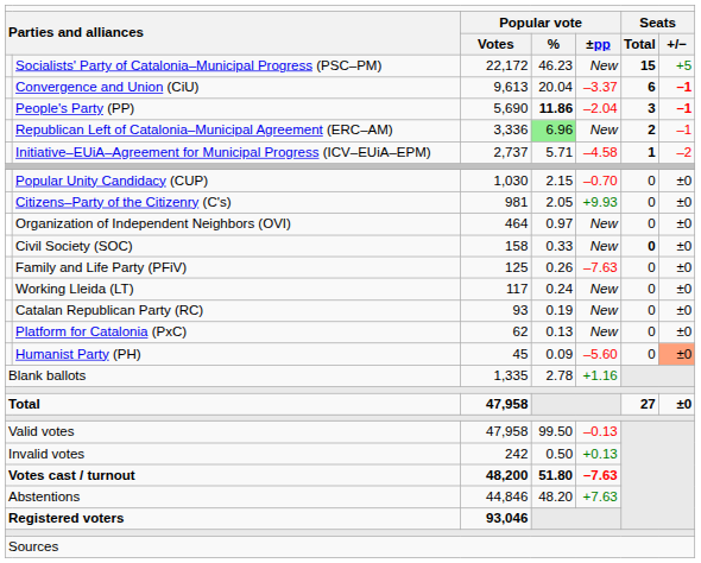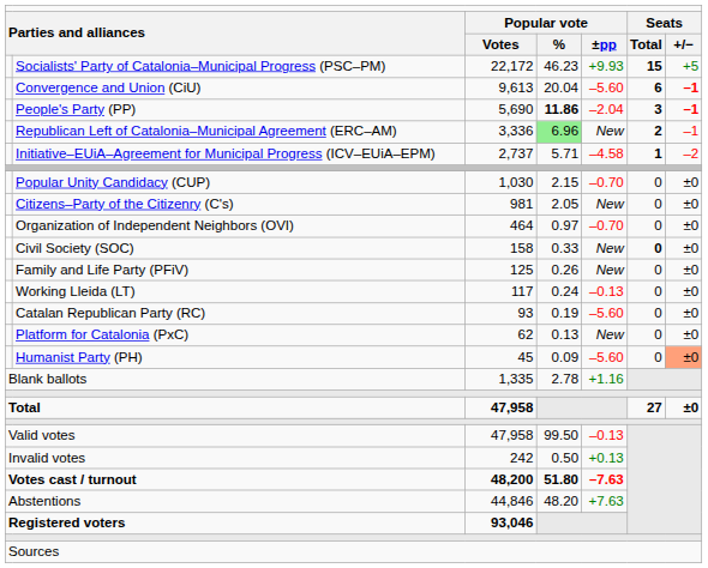 <table class="wikitable" style="text-align:right;">
 <tr>
 <td colspan="7"></td>
 </tr>
 <tr>
 <th style="text-align:left;" rowspan="2" colspan="2" width="525">Parties and alliances</th>
 <th colspan="3">Popular vote</th>
 <th colspan="2">Seats</th>
 </tr>
 <tr>
 <th width="75">Votes</th>
 <th width="45">%</th>
 <th width="45">±<a href='#'>pp</a></th>
 <th width="35">Total</th>
 <th width="35">+/−</th>
 </tr>
 <tr>
 <td width="1" style="color:inherit;background:"></td>
 <td align="left"><a href='#'>Socialists' Party of Catalonia–Municipal Progress</a> (PSC–PM)</td>
 <td>22,172</td>
 <td>46.23</td>
-<td><em>New</em></td>
+<td style="color:green;">+9.93</td>
 <td><strong>15</strong></td>
 <td style="color:green;">+5</td>
 </tr>
 <tr>
 <td style="color:inherit;background:"></td>
 <td align="left"><a href='#'>Convergence and Union</a> (CiU)</td>
 <td>9,613</td>
 <td>20.04</td>
-<td style="color:red;">–3.37</td>
+<td style="color:red;">–5.60</td>
 <td><strong>6</strong></td>
 <td style="color:red;"><strong>–1</strong></td>
 </tr>
 <tr>
 <td style="color:inherit;background:"></td>
 <td align="left"><a href='#'>People's Party</a> (PP)</td>
 <td>5,690</td>
 <td><strong>11.86</strong></td>
 <td style="color:red;">–2.04</td>
 <td><strong>3</strong></td>
 <td style="color:red;"><strong>–1</strong></td>
 </tr>
 <tr>
 <td style="color:inherit;background:"></td>
 <td align="left"><a href='#'>Republican Left of Catalonia–Municipal Agreement</a> (ERC–AM)</td>
 <td>3,336</td>
 <td style="background: lightgreen;">6.96</td>
 <td><em>New</em></td>
 <td><strong>2</strong></td>
 <td style="color:red;">–1</td>
 </tr>
 <tr>
 <td style="color:inherit;background:"></td>
 <td align="left"><a href='#'>Initiative–EUiA–Agreement for Municipal Progress</a> (ICV–EUiA–EPM)</td>
 <td>2,737</td>
 <td>5.71</td>
 <td style="color:red;">–4.58</td>
 <td><strong>1</strong></td>
 <td style="color:red;">–2</td>
 </tr>
 <tr>
 <td colspan="7" style="color:inherit;background:#C0C0C0"></td>
 </tr>
 <tr>
 <td style="color:inherit;background:"></td>
 <td align="left"><a href='#'>Popular Unity Candidacy</a> (CUP)</td>
 <td>1,030</td>
 <td>2.15</td>
 <td style="color:red;">–0.70</td>
 <td>0</td>
 <td>±0</td>
 </tr>
 <tr>
 <td style="color:inherit;background:"></td>
 <td align="left"><a href='#'>Citizens–Party of the Citizenry</a> (C's)</td>
 <td>981</td>
 <td>2.05</td>
-<td style="color:green;">+9.93</td>
+<td><em>New</em></td>
 <td>0</td>
 <td>±0</td>
 </tr>
 <tr>
 <td bgcolor="white"></td>
 <td align="left">Organization of Independent Neighbors (OVI)</td>
 <td>464</td>
 <td>0.97</td>
-<td><em>New</em></td>
+<td style="color:red;">–0.70</td>
 <td>0</td>
 <td>±0</td>
 </tr>
 <tr>
 <td bgcolor="white"></td>
 <td align="left">Civil Society (SOC)</td>
 <td>158</td>
 <td>0.33</td>
 <td><em>New</em></td>
 <td><strong>0</strong></td>
 <td>±0</td>
 </tr>
 <tr>
 <td style="color:inherit;background:"></td>
 <td align="left">Family and Life Party (PFiV)</td>
 <td>125</td>
 <td>0.26</td>
-<td style="color:red;">–7.63</td>
+<td><em>New</em></td>
 <td>0</td>
 <td>±0</td>
 </tr>
 <tr>
 <td bgcolor="white"></td>
 <td align="left">Working Lleida (LT)</td>
 <td>117</td>
 <td>0.24</td>
-<td><em>New</em></td>
+<td style="color:red;">–0.13</td>
 <td>0</td>
 <td>±0</td>
 </tr>
 <tr>
 <td style="color:inherit;background:"></td>
 <td align="left">Catalan Republican Party (RC)</td>
 <td>93</td>
 <td>0.19</td>
-<td><em>New</em></td>
+<td style="color:red;">–5.60</td>
 <td>0</td>
 <td>±0</td>
 </tr>
 <tr>
 <td style="color:inherit;background:"></td>
 <td align="left"><a href='#'>Platform for Catalonia</a> (PxC)</td>
 <td>62</td>
 <td>0.13</td>
 <td><em>New</em></td>
 <td>0</td>
 <td>±0</td>
 </tr>
 <tr>
 <td style="color:inherit;background:"></td>
 <td align="left"><a href='#'>Humanist Party</a> (PH)</td>
 <td>45</td>
 <td>0.09</td>
 <td style="color:red;">–5.60</td>
 <td>0</td>
 <td style="background: lightsalmon;">±0</td>
 </tr>
 <tr>
 <td align="left" colspan="2">Blank ballots</td>
 <td>1,335</td>
 <td>2.78</td>
 <td style="color:green;">+1.16</td>
 <td style="color:inherit;background:#E9E9E9" colspan="2"></td>
 </tr>
 <tr>
 <td colspan="7" style="color:inherit;background:#E9E9E9"></td>
 </tr>
 <tr style="font-weight:bold;">
 <td align="left" colspan="2">Total</td>
 <td>47,958</td>
 <td bgcolor="#E9E9E9" colspan="2"></td>
 <td>27</td>
 <td>±0</td>
 </tr>
 <tr>
 <td colspan="7" style="color:inherit;background:#E9E9E9"></td>
 </tr>
 <tr>
 <td align="left" colspan="2">Valid votes</td>
 <td>47,958</td>
 <td>99.50</td>
 <td style="color:red;">–0.13</td>
 <td bgcolor="#E9E9E9" colspan="2" rowspan="5"></td>
 </tr>
 <tr>
 <td align="left" colspan="2">Invalid votes</td>
 <td>242</td>
 <td>0.50</td>
 <td style="color:green;">+0.13</td>
 </tr>
 <tr style="font-weight:bold;">
 <td align="left" colspan="2">Votes cast / turnout</td>
 <td>48,200</td>
 <td>51.80</td>
 <td style="color:red;">–7.63</td>
 </tr>
 <tr>
 <td align="left" colspan="2">Abstentions</td>
 <td>44,846</td>
 <td>48.20</td>
 <td style="color:green;">+7.63</td>
 </tr>
 <tr style="font-weight:bold;">
 <td align="left" colspan="2">Registered voters</td>
 <td>93,046</td>
 <td bgcolor="#E9E9E9" colspan="2"></td>
 </tr>
 <tr>
 <td colspan="7" style="color:inherit;background:#E9E9E9"></td>
 </tr>
 <tr>
 <td align="left" colspan="7">Sources</td>
 </tr>
 </table>
